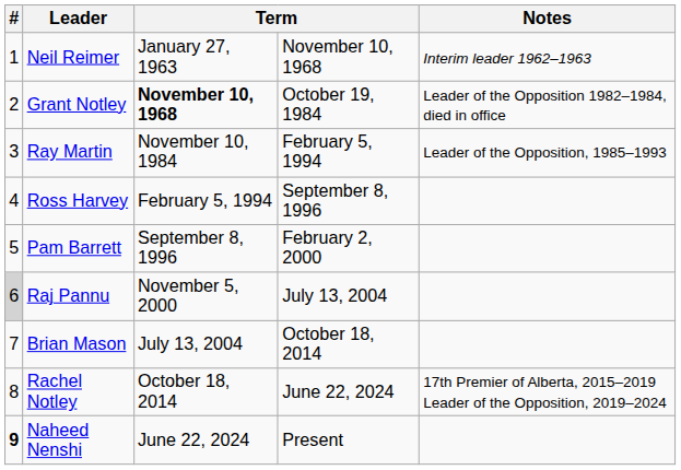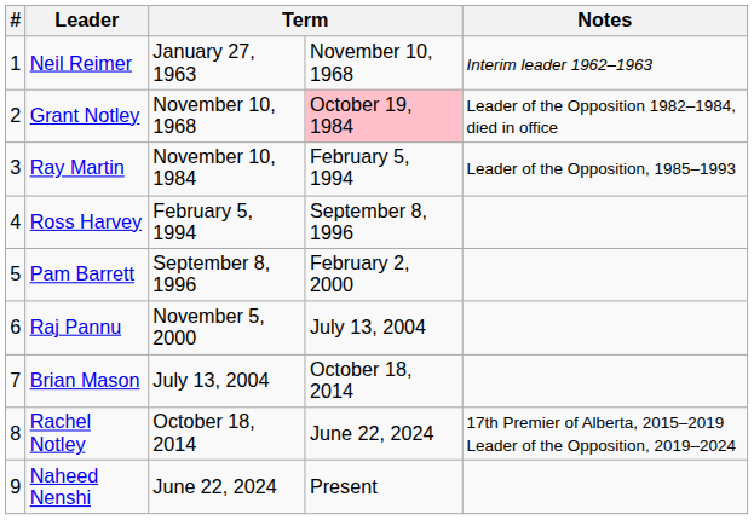 <table class="wikitable">
 <tr>
 <th>#</th>
 <th>Leader</th>
 <th colspan="2">Term</th>
 <th>Notes</th>
 </tr>
 <tr>
 <td>1</td>
 <td><a href='#'>Neil Reimer</a></td>
 <td>January 27, 1963</td>
 <td>November 10, 1968</td>
 <td><small><em>Interim leader 1962–1963</em></small></td>
 </tr>
 <tr>
 <td>2</td>
 <td><a href='#'>Grant Notley</a></td>
-<td><strong>November 10, 1968</strong></td>
-<td>October 19, 1984</td>
+<td>November 10, 1968</td>
+<td style="background: pink;">October 19, 1984</td>
 <td><small>Leader of the Opposition 1982–1984, died in office</small></td>
 </tr>
 <tr>
 <td>3</td>
 <td><a href='#'>Ray Martin</a></td>
 <td>November 10, 1984</td>
 <td>February 5, 1994</td>
 <td><small>Leader of the Opposition, 1985–1993</small></td>
 </tr>
 <tr>
 <td>4</td>
 <td><a href='#'>Ross Harvey</a></td>
 <td>February 5, 1994</td>
 <td>September 8, 1996</td>
 <td></td>
 </tr>
 <tr>
 <td>5</td>
 <td><a href='#'>Pam Barrett</a></td>
 <td>September 8, 1996</td>
 <td>February 2, 2000</td>
 <td></td>
 </tr>
 <tr>
-<td style="background: lightgrey;">6</td>
+<td>6</td>
 <td><a href='#'>Raj Pannu</a></td>
 <td>November 5, 2000</td>
 <td>July 13, 2004</td>
 <td></td>
 </tr>
 <tr>
 <td>7</td>
 <td><a href='#'>Brian Mason</a></td>
 <td>July 13, 2004</td>
 <td>October 18, 2014</td>
 <td></td>
 </tr>
 <tr>
 <td>8</td>
 <td><a href='#'>Rachel Notley</a></td>
 <td>October 18, 2014</td>
 <td>June 22, 2024</td>
 <td><small>17th Premier of Alberta, 2015–2019 <br> Leader of the Opposition, 2019–2024</small></td>
 </tr>
 <tr>
-<td><strong>9</strong></td>
+<td>9</td>
 <td><a href='#'>Naheed Nenshi</a></td>
 <td>June 22, 2024</td>
 <td>Present</td>
 <td></td>
 </tr>
 </table>
